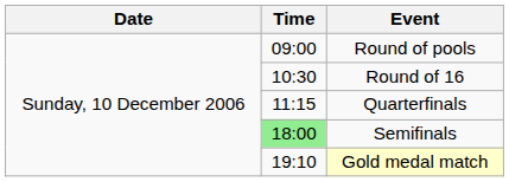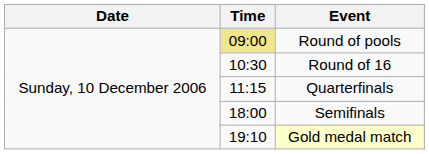 <table class = "wikitable" style="text-align:center;">
 <tr>
 <th width=220>Date</th>
 <th width=50>Time</th>
 <th width=150>Event</th>
 </tr>
 <tr>
 <td rowspan=5>Sunday, 10 December 2006</td>
-<td>09:00</td>
+<td style="background: khaki;">09:00</td>
 <td>Round of pools</td>
 </tr>
 <tr>
 <td>10:30</td>
 <td>Round of 16</td>
 </tr>
 <tr>
 <td>11:15</td>
 <td>Quarterfinals</td>
 </tr>
 <tr>
-<td style="background: lightgreen;">18:00</td>
+<td>18:00</td>
 <td>Semifinals</td>
 </tr>
 <tr>
 <td>19:10</td>
 <td bgcolor=ffffcc>Gold medal match</td>
 </tr>
 </table>
